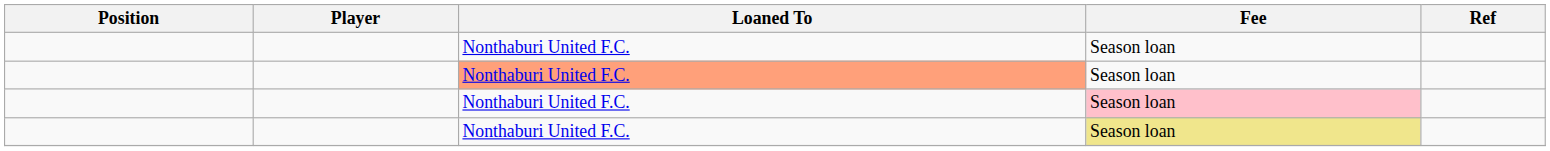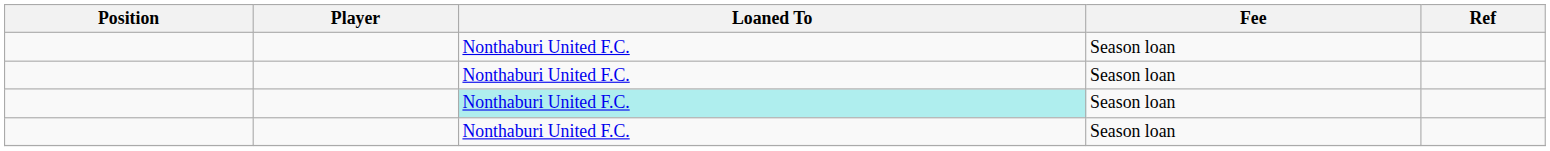 <table class="wikitable sortable" style="width:70%; text-align:center; font-size:100%; text-align:left;">
 <tr>
 <th>Position</th>
 <th>Player</th>
 <th>Loaned To</th>
 <th>Fee</th>
 <th>Ref</th>
 </tr>
 <tr>
 <td></td>
 <td></td>
 <td> <a href='#'>Nonthaburi United F.C.</a></td>
 <td>Season loan</td>
 <td></td>
 </tr>
 <tr>
 <td></td>
 <td></td>
-<td style="background: lightsalmon;"> <a href='#'>Nonthaburi United F.C.</a></td>
+<td> <a href='#'>Nonthaburi United F.C.</a></td>
+<td>Season loan</td>
+<td></td>
+</tr>
+<tr>
+<td></td>
+<td></td>
+<td style="background: paleturquoise;"> <a href='#'>Nonthaburi United F.C.</a></td>
 <td>Season loan</td>
 <td></td>
 </tr>
 <tr>
 <td></td>
 <td></td>
 <td> <a href='#'>Nonthaburi United F.C.</a></td>
-<td style="background: pink;">Season loan</td>
-<td></td>
-</tr>
-<tr>
-<td></td>
-<td></td>
-<td> <a href='#'>Nonthaburi United F.C.</a></td>
-<td style="background: khaki;">Season loan</td>
+<td>Season loan</td>
 <td></td>
 </tr>
 <tr>
 </tr>
 </table>
